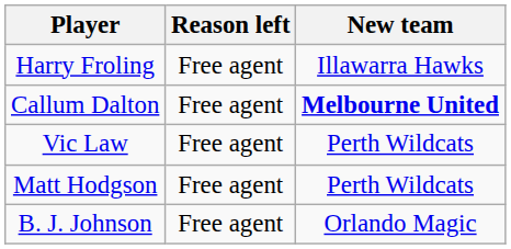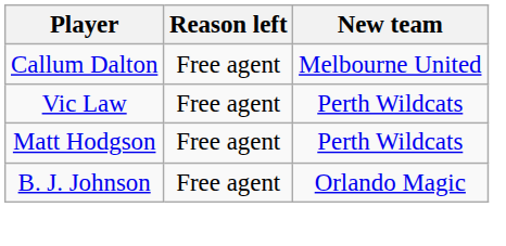 <table class="wikitable sortable sortable" style="text-align: center">
 <tr>
 <th>Player</th>
 <th>Reason left</th>
 <th>New team</th>
 </tr>
 <tr>
-<td><a href='#'>Harry Froling</a></td>
-<td>Free agent</td>
-<td><a href='#'>Illawarra Hawks</a></td>
-</tr>
-<tr>
 <td><a href='#'>Callum Dalton</a></td>
 <td>Free agent</td>
-<td><strong><a href='#'>Melbourne United</a></strong></td>
+<td><a href='#'>Melbourne United</a></td>
 </tr>
 <tr>
 <td><a href='#'>Vic Law</a></td>
 <td>Free agent</td>
 <td><a href='#'>Perth Wildcats</a></td>
 </tr>
 <tr>
 <td><a href='#'>Matt Hodgson</a></td>
 <td>Free agent</td>
 <td><a href='#'>Perth Wildcats</a></td>
 </tr>
 <tr>
 <td><a href='#'>B. J. Johnson</a></td>
 <td>Free agent</td>
 <td><a href='#'>Orlando Magic</a></td>
 </tr>
 </table>
